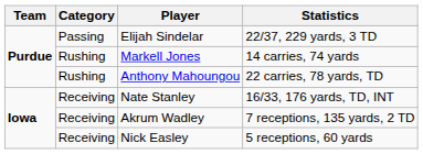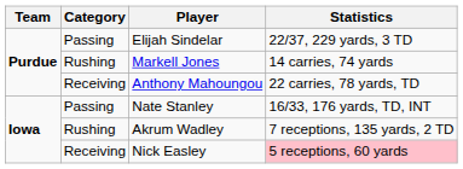 <table class="wikitable" style="float: left;">
 <tr>
 <th>Team</th>
 <th>Category</th>
 <th>Player</th>
 <th>Statistics</th>
 </tr>
 <tr>
 <td rowspan=3><strong>Purdue</strong></td>
 <td>Passing</td>
 <td>Elijah Sindelar</td>
 <td>22/37, 229 yards, 3 TD</td>
 </tr>
 <tr>
 <td>Rushing</td>
 <td><a href='#'>Markell Jones</a></td>
 <td>14 carries, 74 yards</td>
 </tr>
 <tr>
-<td>Rushing</td>
+<td>Receiving</td>
 <td><a href='#'>Anthony Mahoungou</a></td>
 <td>22 carries, 78 yards, TD</td>
 </tr>
 <tr>
 <td rowspan=3><strong>Iowa</strong></td>
-<td>Receiving</td>
+<td>Passing</td>
 <td>Nate Stanley</td>
 <td>16/33, 176 yards, TD, INT</td>
 </tr>
 <tr>
-<td>Receiving</td>
+<td>Rushing</td>
 <td>Akrum Wadley</td>
 <td>7 receptions, 135 yards, 2 TD</td>
 </tr>
 <tr>
 <td>Receiving</td>
 <td>Nick Easley</td>
-<td>5 receptions, 60 yards</td>
+<td style="background: pink;">5 receptions, 60 yards</td>
 </tr>
 </table>
